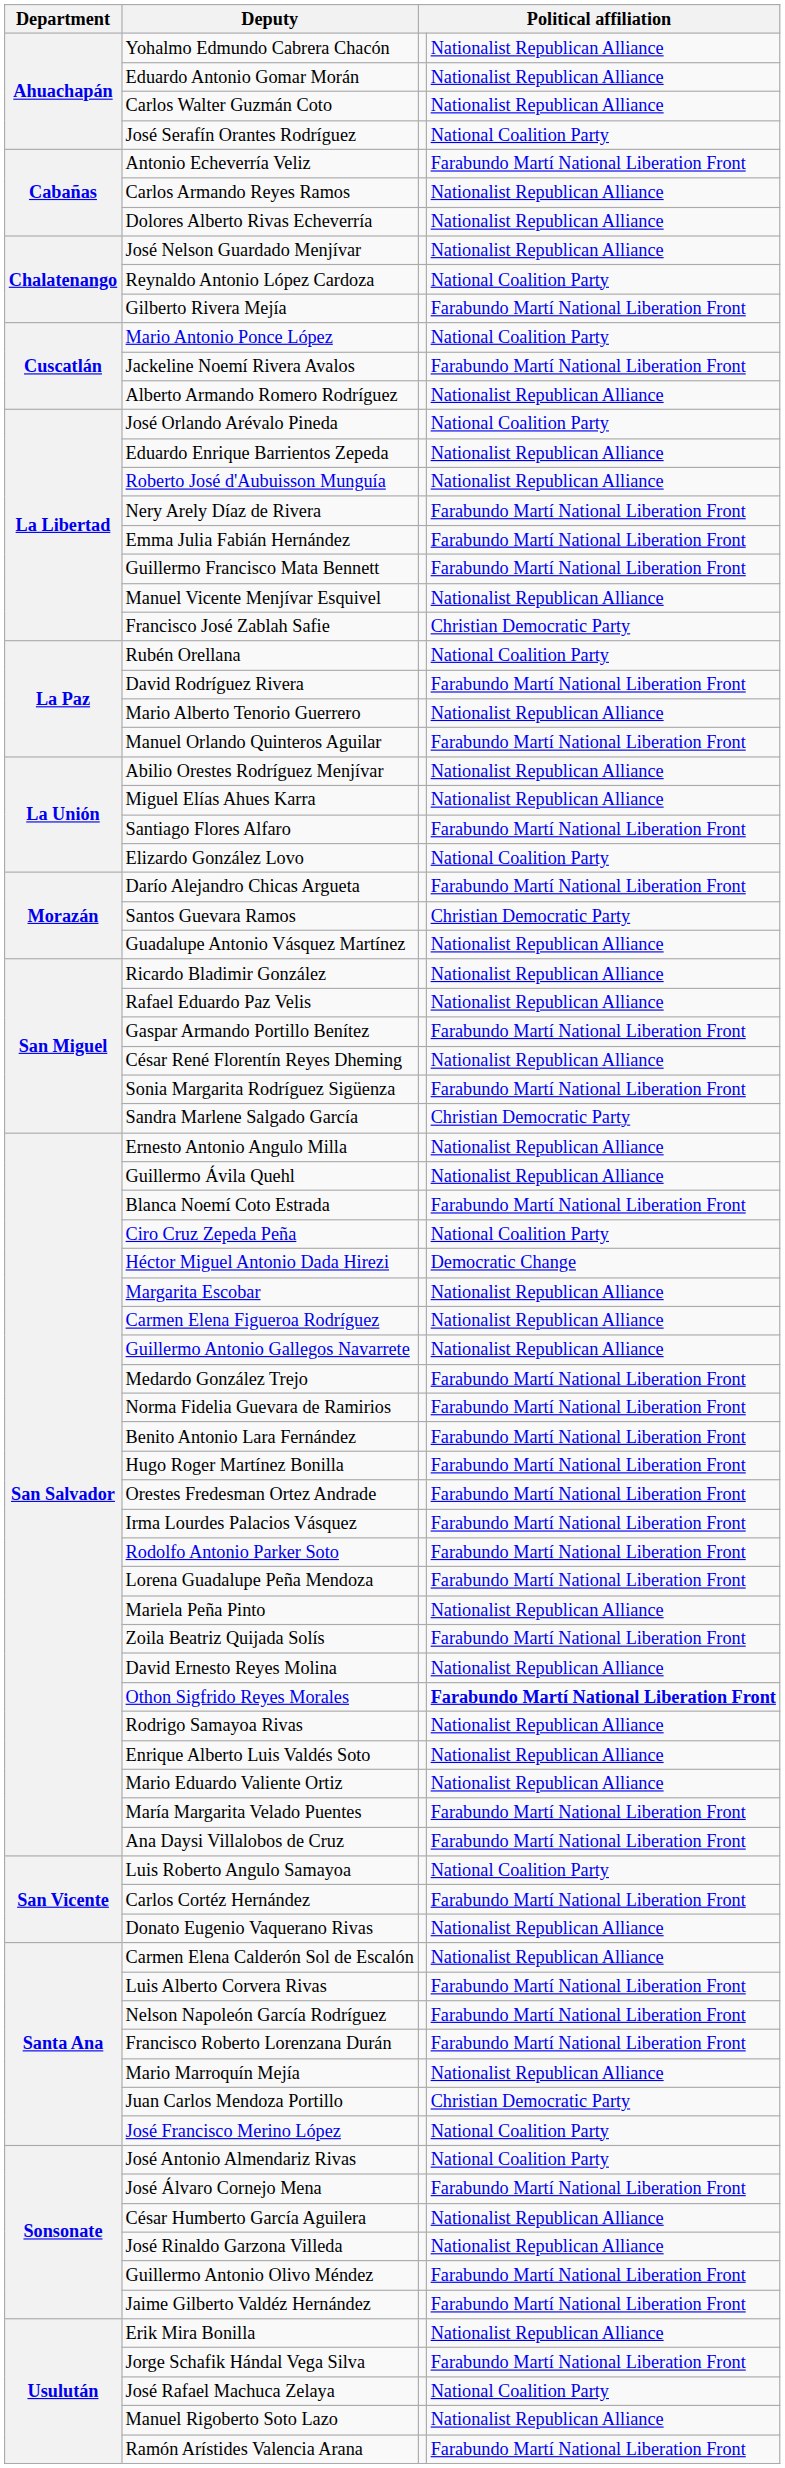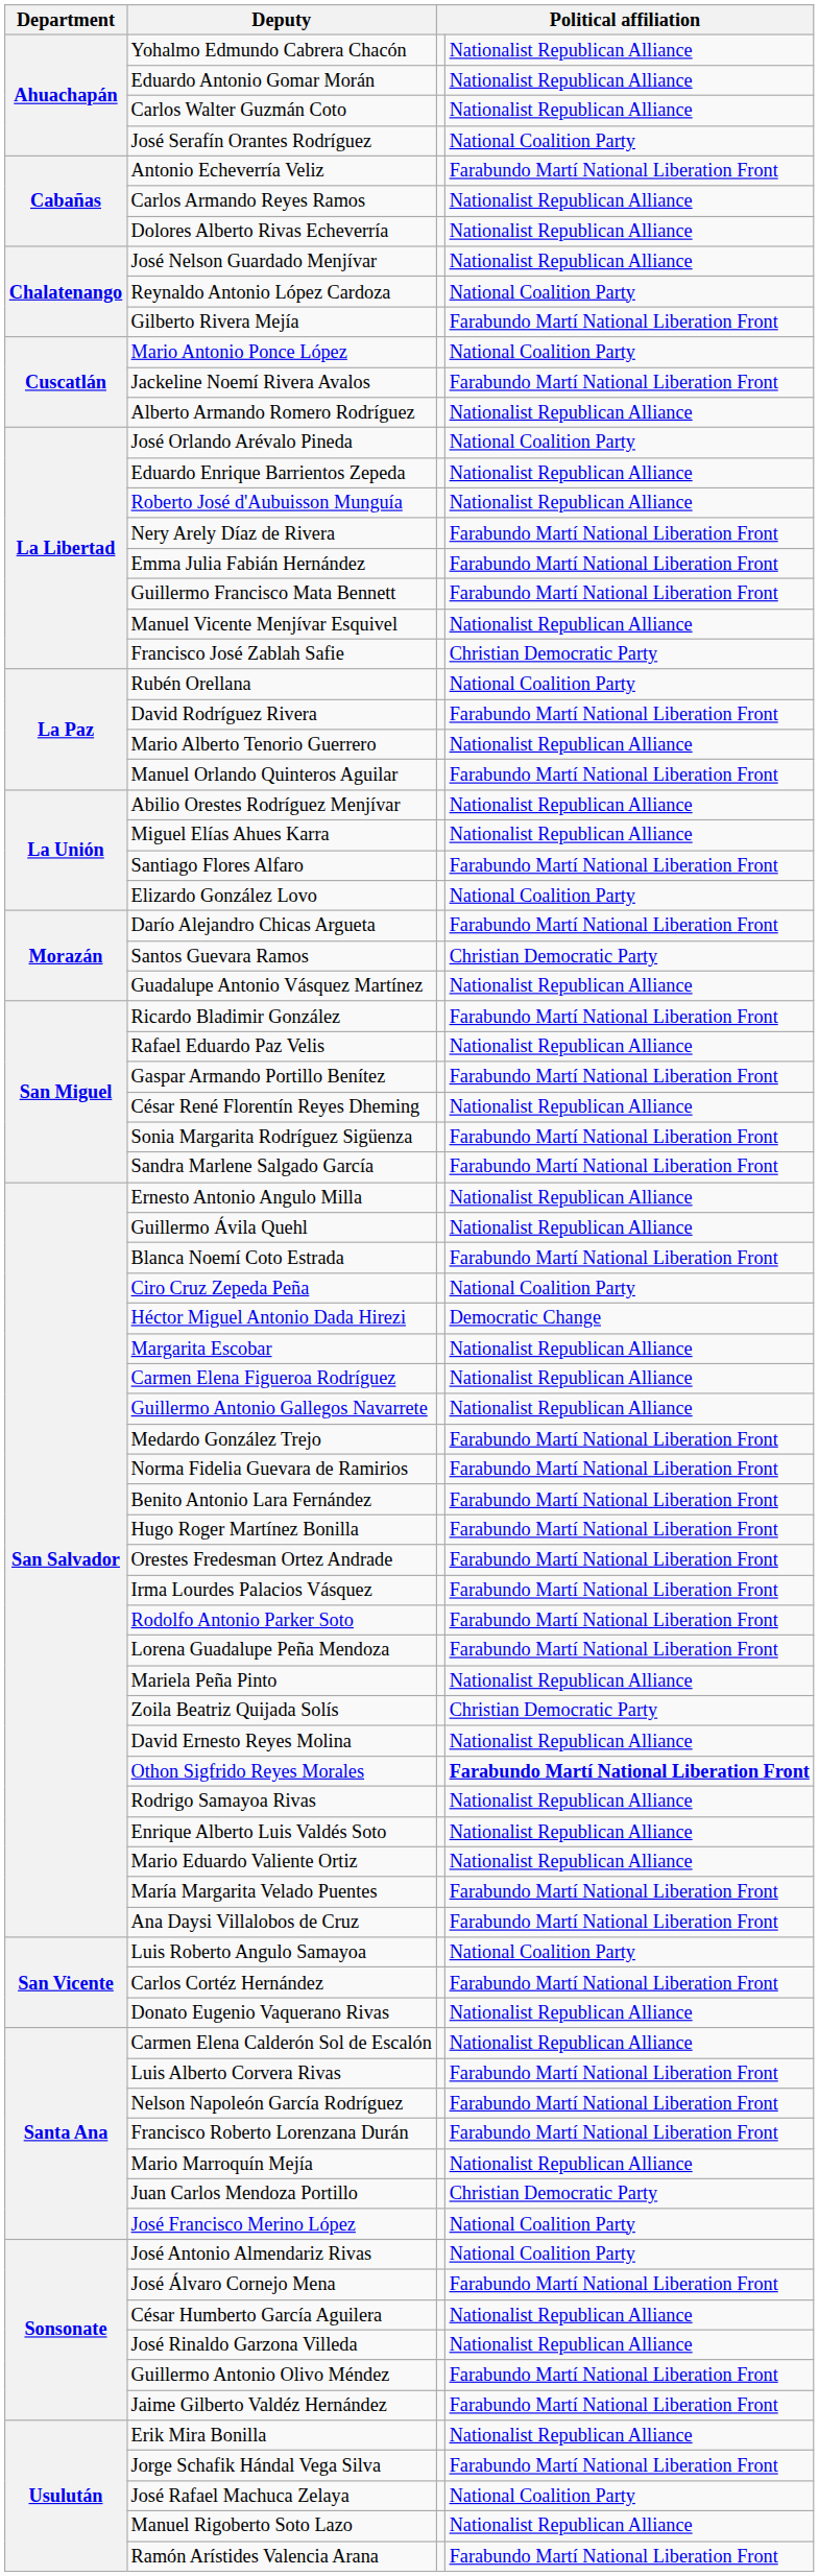 <table class="wikitable sortable">
 <tr>
 <th>Department</th>
 <th>Deputy</th>
 <th colspan="2">Political affiliation</th>
 </tr>
 <tr>
 <th rowspan="4"><a href='#'>Ahuachapán</a></th>
 <td data-sort-value="Cabrera Chacón, Yohalmo Edmundo">Yohalmo Edmundo Cabrera Chacón</td>
 <td></td>
 <td><a href='#'>Nationalist Republican Alliance</a></td>
 </tr>
 <tr>
 <td data-sort-value="Gomar Morán, Eduardo Antonio">Eduardo Antonio Gomar Morán</td>
 <td></td>
 <td><a href='#'>Nationalist Republican Alliance</a></td>
 </tr>
 <tr>
 <td data-sort-value="Guzmán Coto, Carlos Walter">Carlos Walter Guzmán Coto</td>
 <td></td>
 <td><a href='#'>Nationalist Republican Alliance</a></td>
 </tr>
 <tr>
 <td data-sort-value="Orantes Rodríguez, José Serafín">José Serafín Orantes Rodríguez</td>
 <td></td>
 <td><a href='#'>National Coalition Party</a></td>
 </tr>
 <tr>
 <th rowspan="3"><a href='#'>Cabañas</a></th>
 <td data-sort-value="Echeverría Veliz, Antonio">Antonio Echeverría Veliz</td>
 <td></td>
 <td><a href='#'>Farabundo Martí National Liberation Front</a></td>
 </tr>
 <tr>
 <td data-sort-value="Reyes Ramos, Carlos Armando">Carlos Armando Reyes Ramos</td>
 <td></td>
 <td><a href='#'>Nationalist Republican Alliance</a></td>
 </tr>
 <tr>
 <td data-sort-value="Rivas Echeverría, Dolores Alberto">Dolores Alberto Rivas Echeverría</td>
 <td></td>
 <td><a href='#'>Nationalist Republican Alliance</a></td>
 </tr>
 <tr>
 <th rowspan="3"><a href='#'>Chalatenango</a></th>
 <td data-sort-value="Guardado Menjívar, José Nelson">José Nelson Guardado Menjívar</td>
 <td></td>
 <td><a href='#'>Nationalist Republican Alliance</a></td>
 </tr>
 <tr>
 <td data-sort-value="López Cardoza, Reynaldo Antonio">Reynaldo Antonio López Cardoza</td>
 <td></td>
 <td><a href='#'>National Coalition Party</a></td>
 </tr>
 <tr>
 <td data-sort-value="Rivera Mejía, Gilberto">Gilberto Rivera Mejía</td>
 <td></td>
 <td><a href='#'>Farabundo Martí National Liberation Front</a></td>
 </tr>
 <tr>
 <th rowspan="3"><a href='#'>Cuscatlán</a></th>
 <td data-sort-value="Ponce López, Mario Antonio"><a href='#'>Mario Antonio Ponce López</a></td>
 <td></td>
 <td><a href='#'>National Coalition Party</a></td>
 </tr>
 <tr>
 <td data-sort-value="Rivera Avalos, Jackeline Noemí">Jackeline Noemí Rivera Avalos</td>
 <td></td>
 <td><a href='#'>Farabundo Martí National Liberation Front</a></td>
 </tr>
 <tr>
 <td data-sort-value="Romero Rodríguez, Alberto Armando">Alberto Armando Romero Rodríguez</td>
 <td></td>
 <td><a href='#'>Nationalist Republican Alliance</a></td>
 </tr>
 <tr>
 <th rowspan="8"><a href='#'>La Libertad</a></th>
 <td data-sort-value="Arévalo Pineda, José Orlando">José Orlando Arévalo Pineda</td>
 <td></td>
 <td><a href='#'>National Coalition Party</a></td>
 </tr>
 <tr>
 <td data-sort-value="Barrientos Zepeda, Eduardo Enrique">Eduardo Enrique Barrientos Zepeda</td>
 <td></td>
 <td><a href='#'>Nationalist Republican Alliance</a></td>
 </tr>
 <tr>
 <td data-sort-value="D'Aubuisson Munguía, Roberto José"><a href='#'>Roberto José d'Aubuisson Munguía</a></td>
 <td></td>
 <td><a href='#'>Nationalist Republican Alliance</a></td>
 </tr>
 <tr>
 <td data-sort-value="Díaz de Rivera, Nery Arely">Nery Arely Díaz de Rivera</td>
 <td></td>
 <td><a href='#'>Farabundo Martí National Liberation Front</a></td>
 </tr>
 <tr>
 <td data-sort-value="Fabián Hernández, Emma Julia Fabián Hernández">Emma Julia Fabián Hernández</td>
 <td></td>
 <td><a href='#'>Farabundo Martí National Liberation Front</a></td>
 </tr>
 <tr>
 <td data-sort-value="Mata Bennett, Guillermo Francisco">Guillermo Francisco Mata Bennett</td>
 <td></td>
 <td><a href='#'>Farabundo Martí National Liberation Front</a></td>
 </tr>
 <tr>
 <td data-sort-value="Menjívar Esquivel, Manuel Vicente">Manuel Vicente Menjívar Esquivel</td>
 <td></td>
 <td><a href='#'>Nationalist Republican Alliance</a></td>
 </tr>
 <tr>
 <td data-sort-value="Zablah Safie, Francisco José">Francisco José Zablah Safie</td>
 <td></td>
 <td><a href='#'>Christian Democratic Party</a></td>
 </tr>
 <tr>
 <th rowspan="4"><a href='#'>La Paz</a></th>
 <td data-sort-value="Orellana, Rubén">Rubén Orellana</td>
 <td></td>
 <td><a href='#'>National Coalition Party</a></td>
 </tr>
 <tr>
 <td data-sort-value="Rodríguez Rivera, David">David Rodríguez Rivera</td>
 <td></td>
 <td><a href='#'>Farabundo Martí National Liberation Front</a></td>
 </tr>
 <tr>
 <td data-sort-value="Tenorio Guerrero, Mario Alberto">Mario Alberto Tenorio Guerrero</td>
 <td></td>
 <td><a href='#'>Nationalist Republican Alliance</a></td>
 </tr>
 <tr>
 <td data-sort-value="Quinteros Aguilar, Manuel Orlando">Manuel Orlando Quinteros Aguilar</td>
 <td></td>
 <td><a href='#'>Farabundo Martí National Liberation Front</a></td>
 </tr>
 <tr>
 <th rowspan="4"><a href='#'>La Unión</a></th>
 <td data-sort-value="Rodríguez Menjívar, Abilio Orestes">Abilio Orestes Rodríguez Menjívar</td>
 <td></td>
 <td><a href='#'>Nationalist Republican Alliance</a></td>
 </tr>
 <tr>
 <td data-sort-value="Ahues Karra, Miguel Elías">Miguel Elías Ahues Karra</td>
 <td></td>
 <td><a href='#'>Nationalist Republican Alliance</a></td>
 </tr>
 <tr>
 <td data-sort-value="Flores Alfaro, Santiago">Santiago Flores Alfaro</td>
 <td></td>
 <td><a href='#'>Farabundo Martí National Liberation Front</a></td>
 </tr>
 <tr>
 <td data-sort-value="González Lovo, Elizardo">Elizardo González Lovo</td>
 <td></td>
 <td><a href='#'>National Coalition Party</a></td>
 </tr>
 <tr>
 <th rowspan="3"><a href='#'>Morazán</a></th>
 <td data-sort-value="Chicas Argueta, Darío Alejandro">Darío Alejandro Chicas Argueta</td>
 <td></td>
 <td><a href='#'>Farabundo Martí National Liberation Front</a></td>
 </tr>
 <tr>
 <td data-sort-value="Guevara Ramos, Santos">Santos Guevara Ramos</td>
 <td></td>
 <td><a href='#'>Christian Democratic Party</a></td>
 </tr>
 <tr>
 <td data-sort-value="Vásquez Martínez, Guadalupe Antonio">Guadalupe Antonio Vásquez Martínez</td>
 <td></td>
 <td><a href='#'>Nationalist Republican Alliance</a></td>
 </tr>
 <tr>
 <th rowspan="6"><a href='#'>San Miguel</a></th>
 <td data-sort-value="González, Ricardo Bladimir">Ricardo Bladimir González</td>
 <td></td>
-<td><a href='#'>Nationalist Republican Alliance</a></td>
+<td><a href='#'>Farabundo Martí National Liberation Front</a></td>
 </tr>
 <tr>
 <td data-sort-value="Paz Velis, Rafael Eduardo">Rafael Eduardo Paz Velis</td>
 <td></td>
 <td><a href='#'>Nationalist Republican Alliance</a></td>
 </tr>
 <tr>
 <td data-sort-value="Portillo Benítez, Gaspar Armando">Gaspar Armando Portillo Benítez</td>
 <td></td>
 <td><a href='#'>Farabundo Martí National Liberation Front</a></td>
 </tr>
 <tr>
 <td data-sort-value="Reyes Dheming, César René Florentín">César René Florentín Reyes Dheming</td>
 <td></td>
 <td><a href='#'>Nationalist Republican Alliance</a></td>
 </tr>
 <tr>
 <td data-sort-value="Rodríguez Sigüenza, Sonia Margarita">Sonia Margarita Rodríguez Sigüenza</td>
 <td></td>
 <td><a href='#'>Farabundo Martí National Liberation Front</a></td>
 </tr>
 <tr>
 <td data-sort-value="Salgado García, Sandra Marlene">Sandra Marlene Salgado García</td>
 <td></td>
-<td><a href='#'>Christian Democratic Party</a></td>
+<td><a href='#'>Farabundo Martí National Liberation Front</a></td>
 </tr>
 <tr>
 <th rowspan="25"><a href='#'>San Salvador</a></th>
 <td data-sort-value="Angulo Milla, Ernesto Antonio">Ernesto Antonio Angulo Milla</td>
 <td></td>
 <td><a href='#'>Nationalist Republican Alliance</a></td>
 </tr>
 <tr>
 <td data-sort-value="Ávila Quehl, Guillermo">Guillermo Ávila Quehl</td>
 <td></td>
 <td><a href='#'>Nationalist Republican Alliance</a></td>
 </tr>
 <tr>
 <td data-sort-value="Coto Estrada, Blanca Noemí">Blanca Noemí Coto Estrada</td>
 <td></td>
 <td><a href='#'>Farabundo Martí National Liberation Front</a></td>
 </tr>
 <tr>
 <td data-sort-value="Cruz Zepeda Peña, Ciro"><a href='#'>Ciro Cruz Zepeda Peña</a></td>
 <td></td>
 <td><a href='#'>National Coalition Party</a></td>
 </tr>
 <tr>
 <td data-sort-value="Dada Hirezi, Héctor Miguel Antonio"><a href='#'>Héctor Miguel Antonio Dada Hirezi</a></td>
 <td></td>
 <td><a href='#'>Democratic Change</a></td>
 </tr>
 <tr>
 <td data-sort-value="Escobar, Margarita"><a href='#'>Margarita Escobar</a></td>
 <td></td>
 <td><a href='#'>Nationalist Republican Alliance</a></td>
 </tr>
 <tr>
 <td data-sort-value="Figueroa Rodríguez, Carmen Elena"><a href='#'>Carmen Elena Figueroa Rodríguez</a></td>
 <td></td>
 <td><a href='#'>Nationalist Republican Alliance</a></td>
 </tr>
 <tr>
 <td data-sort-value="Gallegos Navarrete, Guillermo Antonio"><a href='#'>Guillermo Antonio Gallegos Navarrete</a></td>
 <td></td>
 <td><a href='#'>Nationalist Republican Alliance</a></td>
 </tr>
 <tr>
 <td data-sort-value="González Trejo, Medardo">Medardo González Trejo</td>
 <td></td>
 <td><a href='#'>Farabundo Martí National Liberation Front</a></td>
 </tr>
 <tr>
 <td data-sort-value="Guevara de Ramirios, Norma Fidelia">Norma Fidelia Guevara de Ramirios</td>
 <td></td>
 <td><a href='#'>Farabundo Martí National Liberation Front</a></td>
 </tr>
 <tr>
 <td data-sort-value="Lara Fernández, Benito Antonio">Benito Antonio Lara Fernández</td>
 <td></td>
 <td><a href='#'>Farabundo Martí National Liberation Front</a></td>
 </tr>
 <tr>
 <td data-sort-value="Martínez Bonilla, Hugo Roger">Hugo Roger Martínez Bonilla</td>
 <td></td>
 <td><a href='#'>Farabundo Martí National Liberation Front</a></td>
 </tr>
 <tr>
 <td data-sort-value="Ortez Andrade, Orestes Fredesman">Orestes Fredesman Ortez Andrade</td>
 <td></td>
 <td><a href='#'>Farabundo Martí National Liberation Front</a></td>
 </tr>
 <tr>
 <td data-sort-value="Palacios Vásquez, Irma Lourdes">Irma Lourdes Palacios Vásquez</td>
 <td></td>
 <td><a href='#'>Farabundo Martí National Liberation Front</a></td>
 </tr>
 <tr>
 <td data-sort-value="Parker Soto, Rodolfo Antonio"><a href='#'>Rodolfo Antonio Parker Soto</a></td>
 <td></td>
 <td><a href='#'>Farabundo Martí National Liberation Front</a></td>
 </tr>
 <tr>
 <td data-sort-value="Peña Mendoza, Lorena Guadalupe">Lorena Guadalupe Peña Mendoza</td>
 <td></td>
 <td><a href='#'>Farabundo Martí National Liberation Front</a></td>
 </tr>
 <tr>
 <td data-sort-value="Peña Pinto, Mariela">Mariela Peña Pinto</td>
 <td></td>
 <td><a href='#'>Nationalist Republican Alliance</a></td>
 </tr>
 <tr>
 <td data-sort-value="Quijada Solís, Zoila Beatriz">Zoila Beatriz Quijada Solís</td>
 <td></td>
-<td><a href='#'>Farabundo Martí National Liberation Front</a></td>
+<td><a href='#'>Christian Democratic Party</a></td>
 </tr>
 <tr>
 <td data-sort-value="Reyes Molina, David Ernesto">David Ernesto Reyes Molina</td>
 <td></td>
 <td><a href='#'>Nationalist Republican Alliance</a></td>
 </tr>
 <tr>
 <td data-sort-value="Reyes Morales, Othon Sigfrido"><a href='#'>Othon Sigfrido Reyes Morales</a></td>
 <td></td>
 <td><strong><a href='#'>Farabundo Martí National Liberation Front</a></strong></td>
 </tr>
 <tr>
 <td data-sort-value="Samayoa Rivas, Rodrigo">Rodrigo Samayoa Rivas</td>
 <td></td>
 <td><a href='#'>Nationalist Republican Alliance</a></td>
 </tr>
 <tr>
 <td data-sort-value="Valdés Soto, Enrique Alberto Luis">Enrique Alberto Luis Valdés Soto</td>
 <td></td>
 <td><a href='#'>Nationalist Republican Alliance</a></td>
 </tr>
 <tr>
 <td data-sort-value="Valiente Ortiz, Mario Eduardo">Mario Eduardo Valiente Ortiz</td>
 <td></td>
 <td><a href='#'>Nationalist Republican Alliance</a></td>
 </tr>
 <tr>
 <td data-sort-value="Velado Puentes, María Margarita">María Margarita Velado Puentes</td>
 <td></td>
 <td><a href='#'>Farabundo Martí National Liberation Front</a></td>
 </tr>
 <tr>
 <td data-sort-value="Villalobos de Cruz, Ana Daysi">Ana Daysi Villalobos de Cruz</td>
 <td></td>
 <td><a href='#'>Farabundo Martí National Liberation Front</a></td>
 </tr>
 <tr>
 <th rowspan="3"><a href='#'>San Vicente</a></th>
 <td data-sort-value="Angulo Samayoa, Luis Roberto">Luis Roberto Angulo Samayoa</td>
 <td></td>
 <td><a href='#'>National Coalition Party</a></td>
 </tr>
 <tr>
 <td data-sort-value="Cortéz Hernández, Carlos">Carlos Cortéz Hernández</td>
 <td></td>
 <td><a href='#'>Farabundo Martí National Liberation Front</a></td>
 </tr>
 <tr>
 <td data-sort-value="Vaquerano Rivas, Donato Eugenio">Donato Eugenio Vaquerano Rivas</td>
 <td></td>
 <td><a href='#'>Nationalist Republican Alliance</a></td>
 </tr>
 <tr>
 <th rowspan="7"><a href='#'>Santa Ana</a></th>
 <td data-sort-value="Calderón Sol de Escalón, Carmen Elena">Carmen Elena Calderón Sol de Escalón</td>
 <td></td>
 <td><a href='#'>Nationalist Republican Alliance</a></td>
 </tr>
 <tr>
 <td data-sort-value="Corvera Rivas, Luis Alberto">Luis Alberto Corvera Rivas</td>
 <td></td>
 <td><a href='#'>Farabundo Martí National Liberation Front</a></td>
 </tr>
 <tr>
 <td data-sort-value="García Rodríguez, Nelson Napoleón">Nelson Napoleón García Rodríguez</td>
 <td></td>
 <td><a href='#'>Farabundo Martí National Liberation Front</a></td>
 </tr>
 <tr>
 <td data-sort-value="Lorenzana Durán, Francisco Roberto">Francisco Roberto Lorenzana Durán</td>
 <td></td>
 <td><a href='#'>Farabundo Martí National Liberation Front</a></td>
 </tr>
 <tr>
 <td data-sort-value="Marroquín Mejía, Mario">Mario Marroquín Mejía</td>
 <td></td>
 <td><a href='#'>Nationalist Republican Alliance</a></td>
 </tr>
 <tr>
 <td data-sort-value="Mendoza Portillo, Juan Carlos">Juan Carlos Mendoza Portillo</td>
 <td></td>
 <td><a href='#'>Christian Democratic Party</a></td>
 </tr>
 <tr>
 <td data-sort-value="Merino López, José Francisco"><a href='#'>José Francisco Merino López</a></td>
 <td></td>
 <td><a href='#'>National Coalition Party</a></td>
 </tr>
 <tr>
 <th rowspan="6"><a href='#'>Sonsonate</a></th>
 <td data-sort-value="Almendariz Rivas, José Antonio">José Antonio Almendariz Rivas</td>
 <td></td>
 <td><a href='#'>National Coalition Party</a></td>
 </tr>
 <tr>
 <td data-sort-value="Cornejo Mena, José Álvaro">José Álvaro Cornejo Mena</td>
 <td></td>
 <td><a href='#'>Farabundo Martí National Liberation Front</a></td>
 </tr>
 <tr>
 <td data-sort-value="García Aguilera, César Humberto">César Humberto García Aguilera</td>
 <td></td>
 <td><a href='#'>Nationalist Republican Alliance</a></td>
 </tr>
 <tr>
 <td data-sort-value="Garzona Villeda, José Rinaldo">José Rinaldo Garzona Villeda</td>
 <td></td>
 <td><a href='#'>Nationalist Republican Alliance</a></td>
 </tr>
 <tr>
 <td data-sort-value="Olivo Méndez, Guillermo Antonio">Guillermo Antonio Olivo Méndez</td>
 <td></td>
 <td><a href='#'>Farabundo Martí National Liberation Front</a></td>
 </tr>
 <tr>
 <td data-sort-value="Valdéz Hernández, Jaime Gilberto">Jaime Gilberto Valdéz Hernández</td>
 <td></td>
 <td><a href='#'>Farabundo Martí National Liberation Front</a></td>
 </tr>
 <tr>
 <th rowspan="5"><a href='#'>Usulután</a></th>
 <td data-sort-value="Mira Bonilla, Erik">Erik Mira Bonilla</td>
 <td></td>
 <td><a href='#'>Nationalist Republican Alliance</a></td>
 </tr>
 <tr>
 <td data-sort-value="Hándal Vega Silva, Jorge Schafik">Jorge Schafik Hándal Vega Silva</td>
 <td></td>
 <td><a href='#'>Farabundo Martí National Liberation Front</a></td>
 </tr>
 <tr>
 <td data-sort-value="Machuca Zelaya, José Rafael">José Rafael Machuca Zelaya</td>
 <td></td>
 <td><a href='#'>National Coalition Party</a></td>
 </tr>
 <tr>
 <td data-sort-value="Soto Lazo, Manuel Rigoberto">Manuel Rigoberto Soto Lazo</td>
 <td></td>
 <td><a href='#'>Nationalist Republican Alliance</a></td>
 </tr>
 <tr>
 <td data-sort-value="Valencia Arana, Ramón Arístides">Ramón Arístides Valencia Arana</td>
 <td></td>
 <td><a href='#'>Farabundo Martí National Liberation Front</a></td>
 </tr>
 </table>
